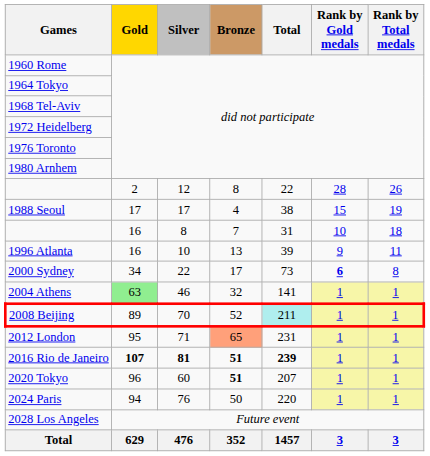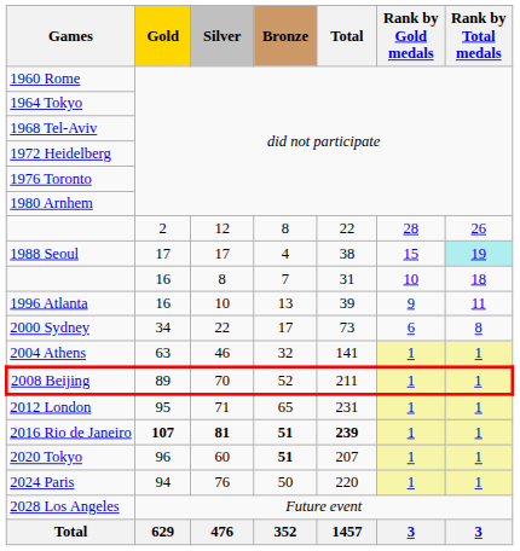 <table class="wikitable" style="text-align:center; font-size:90%;">
 <tr>
 <th>Games</th>
 <td style="background:gold; width:3.2em; font-weight:bold;">Gold</td>
 <td style="background:silver; width:3.7em; font-weight:bold;">Silver</td>
 <td style="background:#c96; width:3.7em; font-weight:bold;">Bronze</td>
 <th style="width:3.5em; font-weight:bold;">Total</th>
 <th style="width:4em; font-weight:bold;">Rank by <a href='#'>Gold medals</a></th>
 <th style="width:4em; font-weight:bold;">Rank by <a href='#'>Total medals</a></th>
 </tr>
 <tr>
 <td align=left> <a href='#'>1960 Rome</a></td>
 <td colspan=6 rowspan=6><em>did not participate</em></td>
 </tr>
 <tr>
 <td align=left> <a href='#'>1964 Tokyo</a></td>
 </tr>
 <tr>
 <td align=left> <a href='#'>1968 Tel-Aviv</a></td>
 </tr>
 <tr>
 <td align=left> <a href='#'>1972 Heidelberg</a></td>
 </tr>
 <tr>
 <td align=left> <a href='#'>1976 Toronto</a></td>
 </tr>
 <tr>
 <td align=left> <a href='#'>1980 Arnhem</a></td>
 </tr>
 <tr>
 <td align=left> <br></td>
 <td>2</td>
 <td>12</td>
 <td>8</td>
 <td>22</td>
 <td><a href='#'>28</a></td>
 <td><a href='#'>26</a></td>
 </tr>
 <tr>
 <td align=left> <a href='#'>1988 Seoul</a></td>
 <td>17</td>
 <td>17</td>
 <td>4</td>
 <td>38</td>
 <td><a href='#'>15</a></td>
-<td><a href='#'>19</a></td>
+<td style="background: paleturquoise;"><a href='#'>19</a></td>
 </tr>
 <tr>
 <td align=left></td>
 <td>16</td>
 <td>8</td>
 <td>7</td>
 <td>31</td>
 <td><a href='#'>10</a></td>
 <td><a href='#'>18</a></td>
 </tr>
 <tr>
 <td align=left> <a href='#'>1996 Atlanta</a></td>
 <td>16</td>
 <td>10</td>
 <td>13</td>
 <td>39</td>
 <td><a href='#'>9</a></td>
 <td><a href='#'>11</a></td>
 </tr>
 <tr>
 <td align=left> <a href='#'>2000 Sydney</a></td>
 <td>34</td>
 <td>22</td>
 <td>17</td>
 <td>73</td>
-<td><strong><a href='#'>6</a></strong></td>
+<td><a href='#'>6</a></td>
 <td><a href='#'>8</a></td>
 </tr>
 <tr>
 <td align=left> <a href='#'>2004 Athens</a></td>
-<td style="background: lightgreen;">63</td>
+<td>63</td>
 <td>46</td>
 <td>32</td>
 <td>141</td>
 <td style="background:#f7f6a8;"><a href='#'>1</a></td>
 <td style="background:#f7f6a8;"><a href='#'>1</a></td>
 </tr>
 <tr style="border: 3px solid red">
 <td align=left> <a href='#'>2008 Beijing</a></td>
 <td>89</td>
 <td>70</td>
 <td>52</td>
-<td style="background: paleturquoise;">211</td>
+<td>211</td>
 <td style="background:#f7f6a8;"><a href='#'>1</a></td>
 <td style="background:#f7f6a8;"><a href='#'>1</a></td>
 </tr>
 <tr>
 <td align=left> <a href='#'>2012 London</a></td>
 <td>95</td>
 <td>71</td>
-<td style="background: lightsalmon;">65</td>
+<td>65</td>
 <td>231</td>
 <td style="background:#f7f6a8;"><a href='#'>1</a></td>
 <td style="background:#f7f6a8;"><a href='#'>1</a></td>
 </tr>
 <tr>
 <td align=left> <a href='#'>2016 Rio de Janeiro</a></td>
 <td><strong>107</strong></td>
 <td><strong>81</strong></td>
 <td><strong>51</strong></td>
 <td><strong>239</strong></td>
 <td style="background:#f7f6a8;"><a href='#'>1</a></td>
 <td style="background:#f7f6a8;"><a href='#'>1</a></td>
 </tr>
 <tr>
 <td align=left> <a href='#'>2020 Tokyo</a></td>
 <td>96</td>
 <td>60</td>
 <td><strong>51</strong></td>
 <td>207</td>
 <td style="background:#f7f6a8;"><a href='#'>1</a></td>
 <td style="background:#f7f6a8;"><a href='#'>1</a></td>
 </tr>
 <tr>
 <td align=left> <a href='#'>2024 Paris</a></td>
 <td>94</td>
 <td>76</td>
 <td>50</td>
 <td>220</td>
 <td style="background:#f7f6a8;"><a href='#'>1</a></td>
 <td style="background:#f7f6a8;"><a href='#'>1</a></td>
 </tr>
 <tr>
 <td align=left> <a href='#'>2028 Los Angeles</a></td>
 <td colspan=6; rowspan=1><em>Future event</em></td>
 </tr>
 <tr>
 <th>Total</th>
 <th>629</th>
 <th>476</th>
 <th>352</th>
 <th>1457</th>
 <th><a href='#'>3</a></th>
 <th><a href='#'>3</a></th>
 </tr>
 </table>
